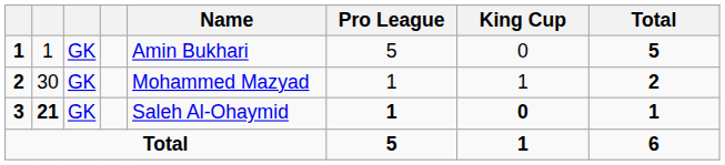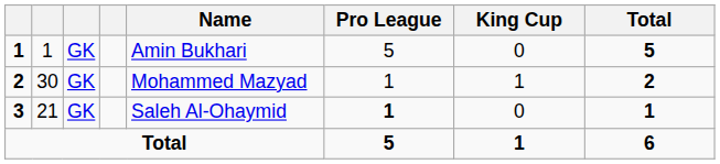 <table class="wikitable" style="text-align:center">
 <tr>
 <th width=15></th>
 <th width=15></th>
 <th width=15></th>
 <th width=15></th>
 <th width=155>Name</th>
 <th width=100>Pro League</th>
 <th width=100>King Cup</th>
 <th width=100>Total</th>
 </tr>
 <tr>
 <td><strong>1</strong></td>
 <td>1</td>
 <td><a href='#'>GK</a></td>
 <td></td>
 <td align=left><a href='#'>Amin Bukhari</a></td>
 <td>5</td>
 <td>0</td>
 <td><strong>5</strong></td>
 </tr>
 <tr>
 <td><strong>2</strong></td>
 <td>30</td>
 <td><a href='#'>GK</a></td>
 <td></td>
 <td align=left><a href='#'>Mohammed Mazyad</a></td>
 <td>1</td>
 <td>1</td>
 <td><strong>2</strong></td>
 </tr>
 <tr>
 <td><strong>3</strong></td>
-<td><strong>21</strong></td>
+<td>21</td>
 <td><a href='#'>GK</a></td>
 <td></td>
 <td align=left><a href='#'>Saleh Al-Ohaymid</a></td>
 <td><strong>1</strong></td>
-<td><strong>0</strong></td>
+<td>0</td>
 <td><strong>1</strong></td>
 </tr>
 <tr>
 <td colspan=5><strong>Total</strong></td>
 <td><strong>5</strong></td>
 <td><strong>1</strong></td>
 <td><strong>6</strong></td>
 </tr>
 </table>
